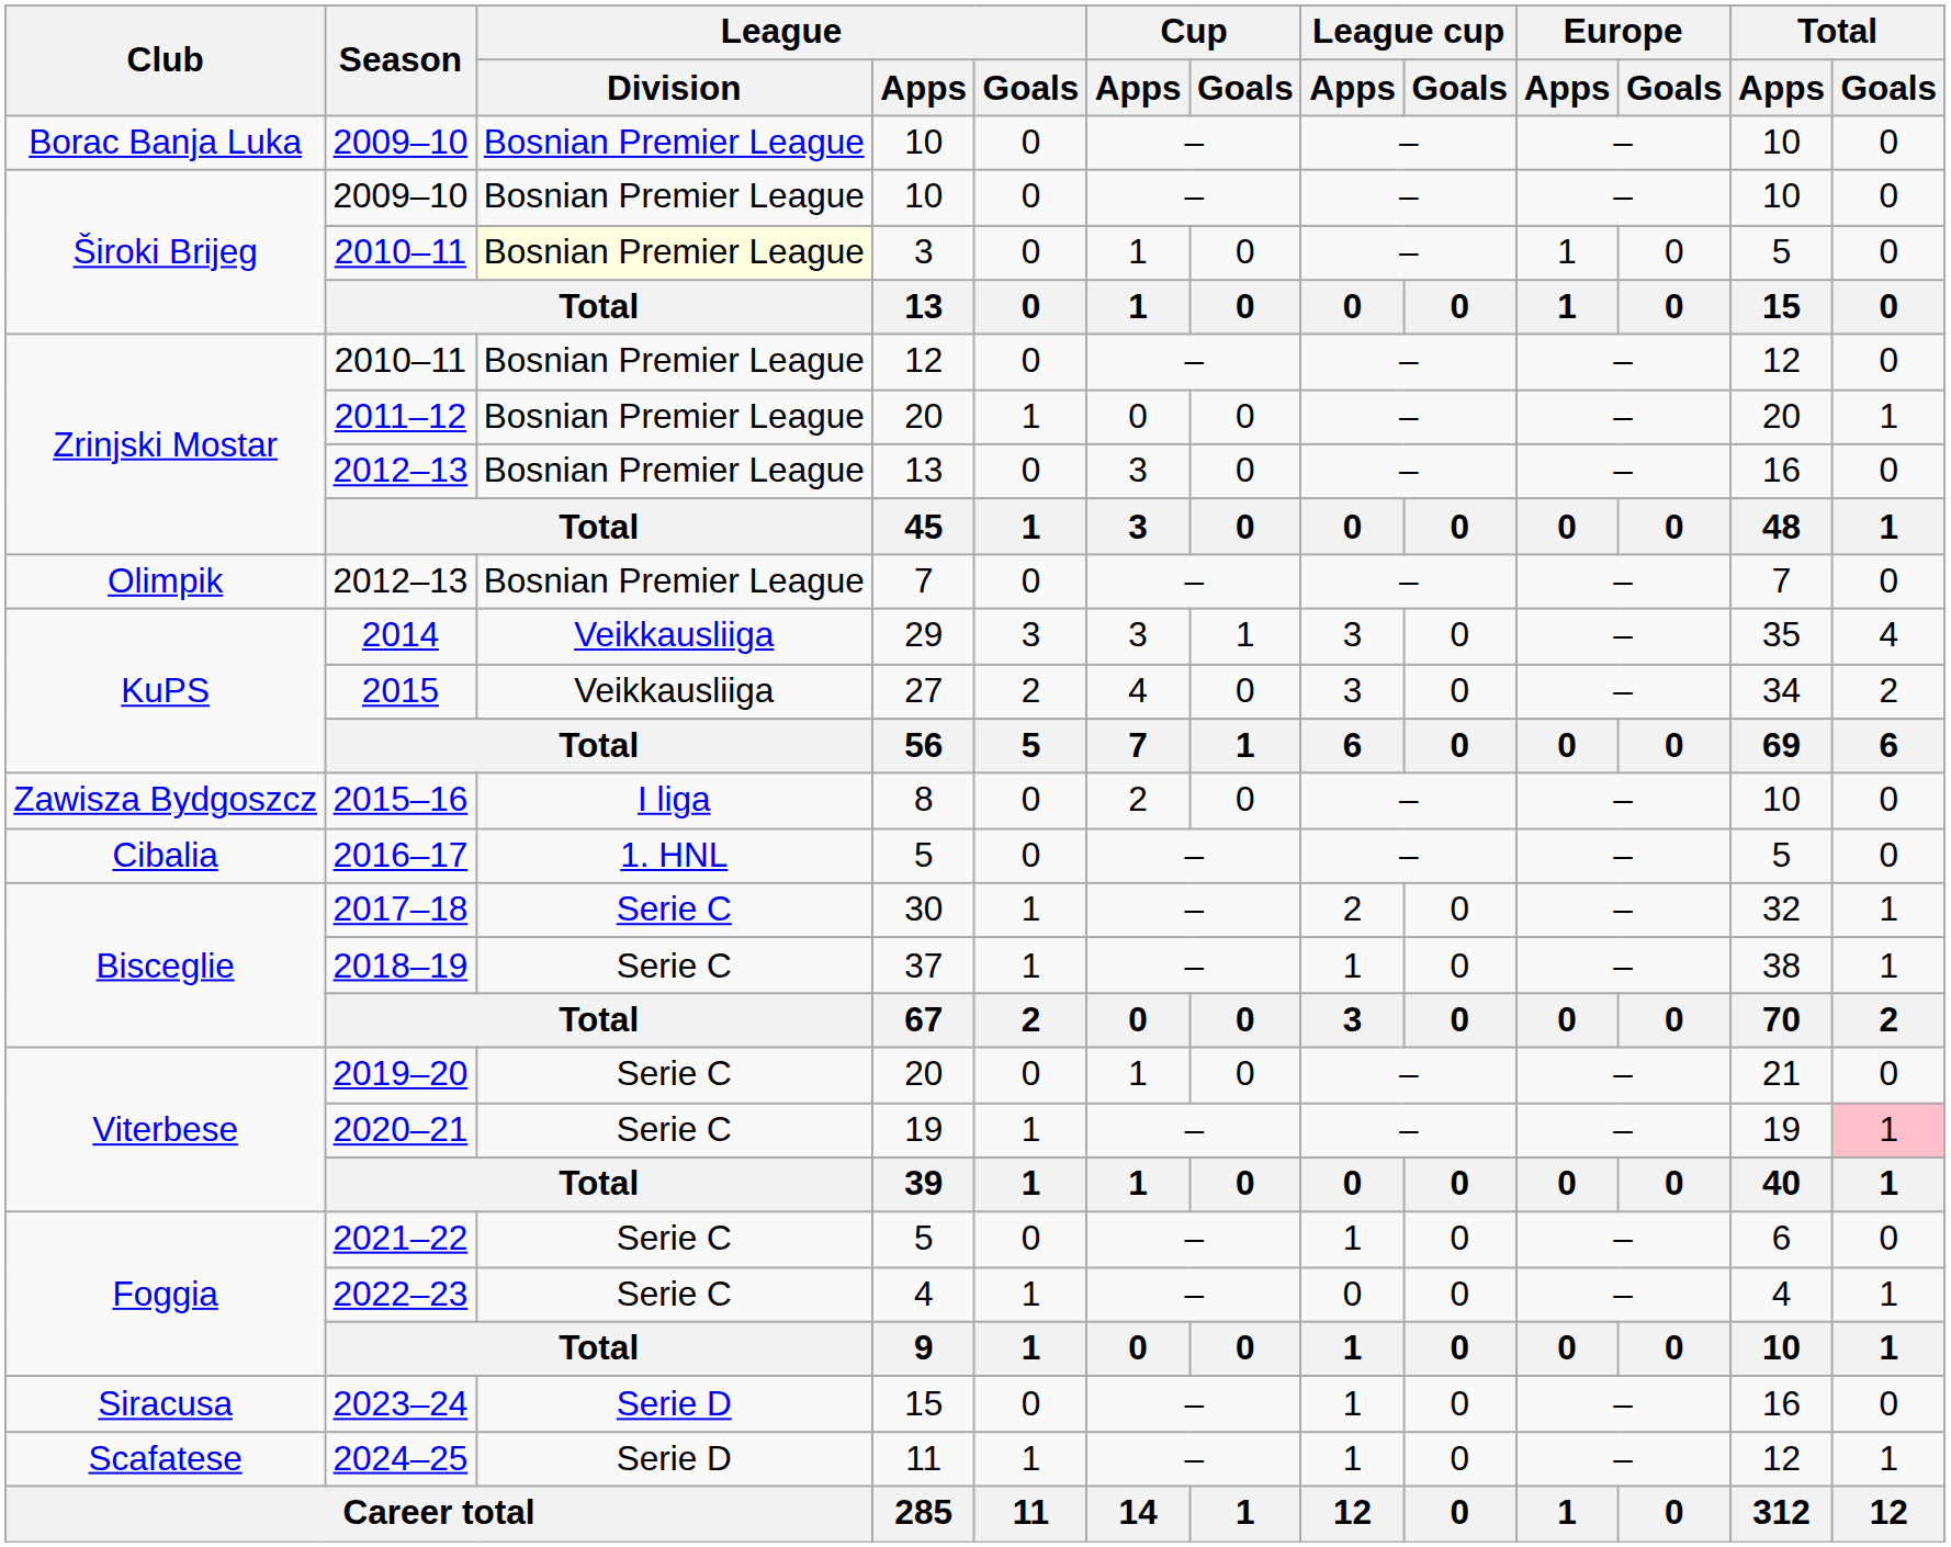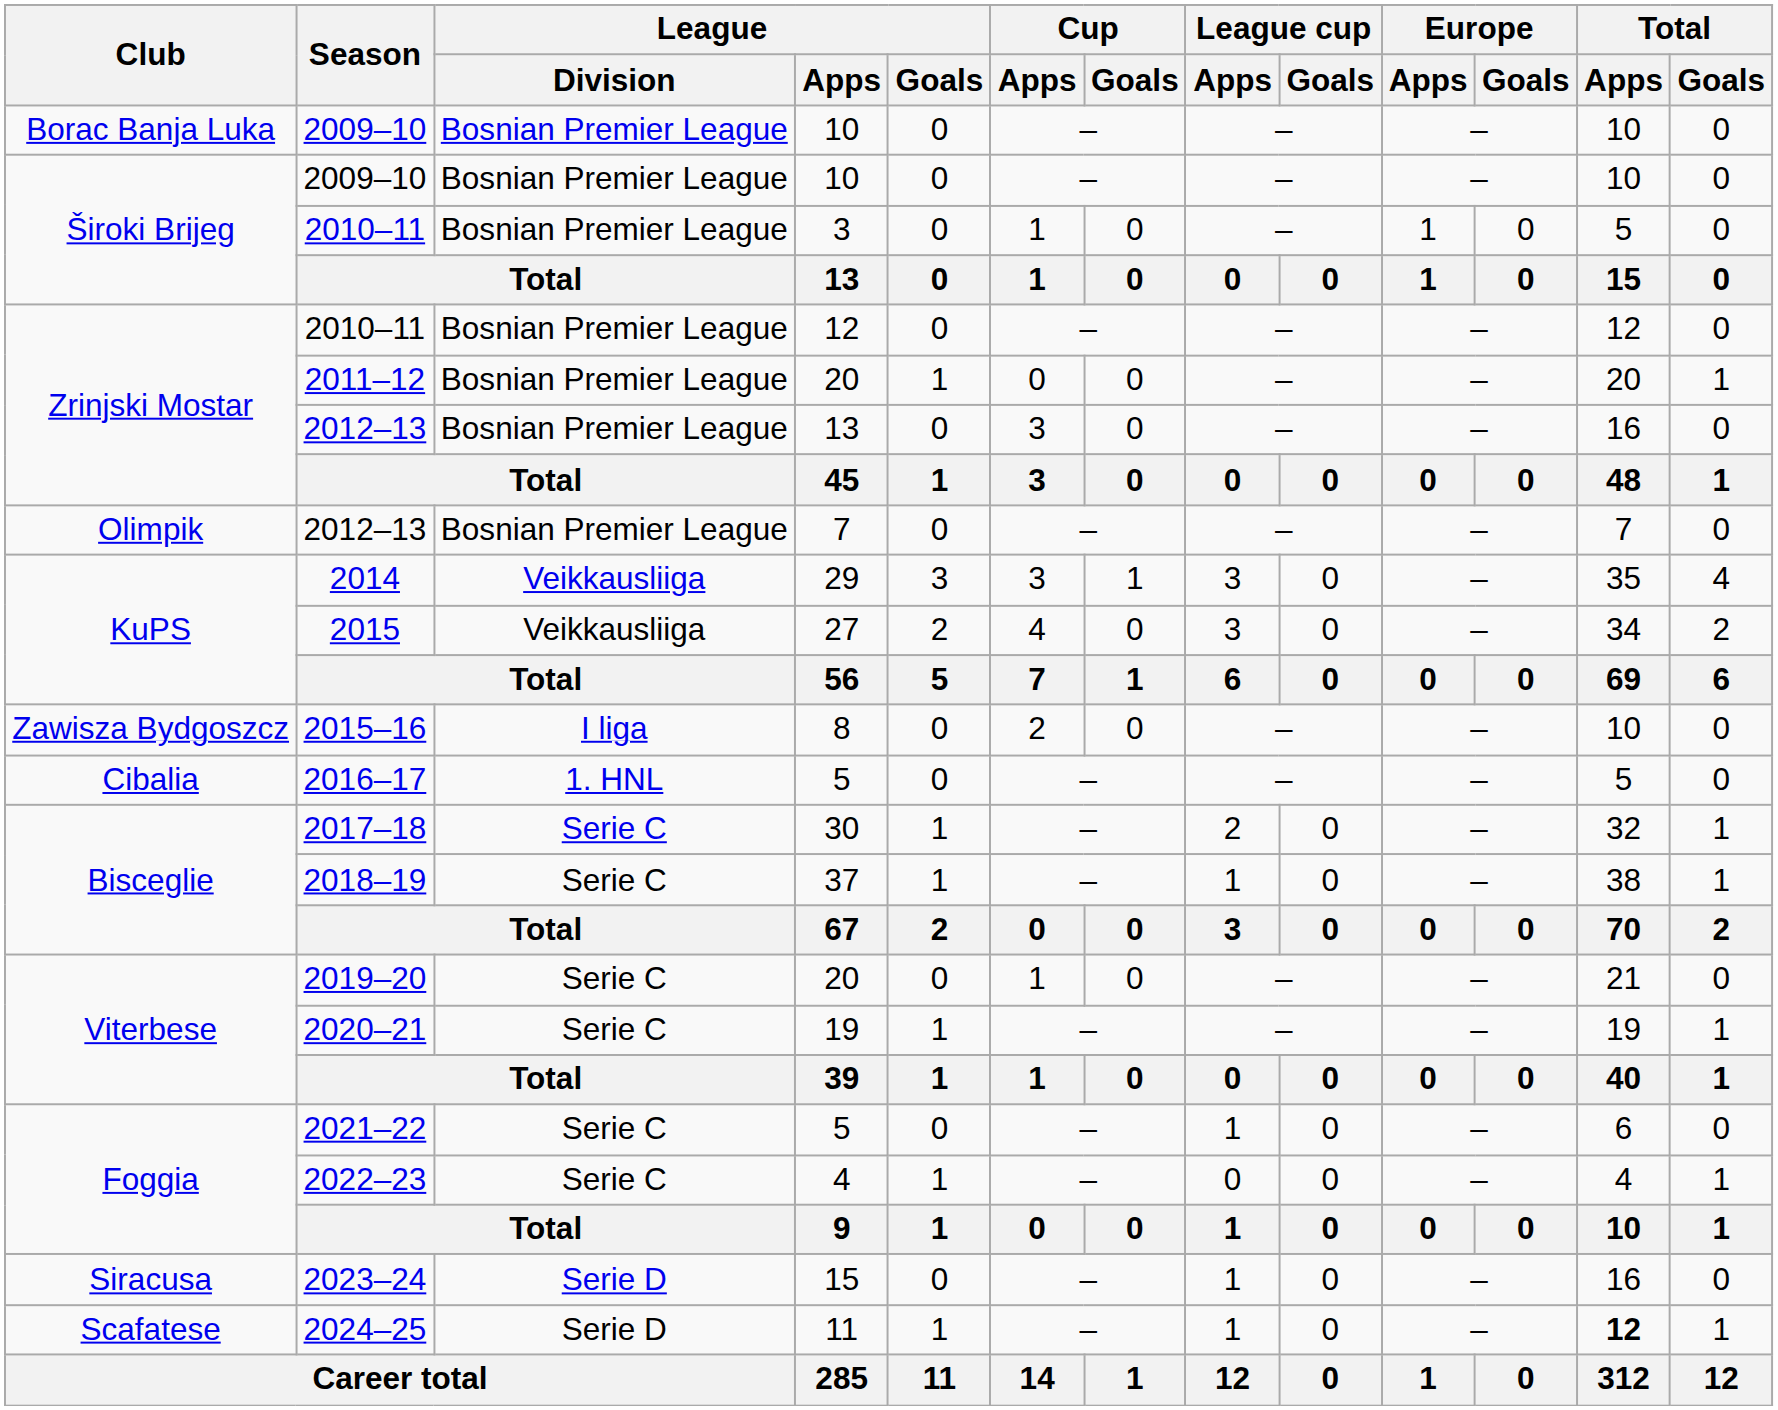 <table class="wikitable" style="text-align:center">
 <tr>
 <th rowspan="2">Club</th>
 <th rowspan="2">Season</th>
 <th colspan="3">League</th>
 <th colspan="2">Cup</th>
 <th colspan="2">League cup</th>
 <th colspan="2">Europe</th>
 <th colspan="2">Total</th>
 </tr>
 <tr>
 <th>Division</th>
 <th>Apps</th>
 <th>Goals</th>
 <th>Apps</th>
 <th>Goals</th>
 <th>Apps</th>
 <th>Goals</th>
 <th>Apps</th>
 <th>Goals</th>
 <th>Apps</th>
 <th>Goals</th>
 </tr>
 <tr>
 <td><a href='#'>Borac Banja Luka</a></td>
 <td><a href='#'>2009–10</a></td>
 <td><a href='#'>Bosnian Premier League</a></td>
 <td>10</td>
 <td>0</td>
 <td colspan=2>–</td>
 <td colspan=2>–</td>
 <td colspan=2>–</td>
 <td>10</td>
 <td>0</td>
 </tr>
 <tr>
 <td rowspan=3><a href='#'>Široki Brijeg</a></td>
 <td>2009–10</td>
 <td>Bosnian Premier League</td>
 <td>10</td>
 <td>0</td>
 <td colspan=2>–</td>
 <td colspan=2>–</td>
 <td colspan=2>–</td>
 <td>10</td>
 <td>0</td>
 </tr>
 <tr>
 <td><a href='#'>2010–11</a></td>
-<td style="background: lightyellow;">Bosnian Premier League</td>
+<td>Bosnian Premier League</td>
 <td>3</td>
 <td>0</td>
 <td>1</td>
 <td>0</td>
 <td colspan=2>–</td>
 <td>1</td>
 <td>0</td>
 <td>5</td>
 <td>0</td>
 </tr>
 <tr>
 <th colspan=2>Total</th>
 <th>13</th>
 <th>0</th>
 <th>1</th>
 <th>0</th>
 <th>0</th>
 <th>0</th>
 <th>1</th>
 <th>0</th>
 <th>15</th>
 <th>0</th>
 </tr>
 <tr>
 <td rowspan=4><a href='#'>Zrinjski Mostar</a></td>
 <td>2010–11</td>
 <td>Bosnian Premier League</td>
 <td>12</td>
 <td>0</td>
 <td colspan=2>–</td>
 <td colspan=2>–</td>
 <td colspan=2>–</td>
 <td>12</td>
 <td>0</td>
 </tr>
 <tr>
 <td><a href='#'>2011–12</a></td>
 <td>Bosnian Premier League</td>
 <td>20</td>
 <td>1</td>
 <td>0</td>
 <td>0</td>
 <td colspan=2>–</td>
 <td colspan=2>–</td>
 <td>20</td>
 <td>1</td>
 </tr>
 <tr>
 <td><a href='#'>2012–13</a></td>
 <td>Bosnian Premier League</td>
 <td>13</td>
 <td>0</td>
 <td>3</td>
 <td>0</td>
 <td colspan=2>–</td>
 <td colspan=2>–</td>
 <td>16</td>
 <td>0</td>
 </tr>
 <tr>
 <th colspan=2>Total</th>
 <th>45</th>
 <th>1</th>
 <th>3</th>
 <th>0</th>
 <th>0</th>
 <th>0</th>
 <th>0</th>
 <th>0</th>
 <th>48</th>
 <th>1</th>
 </tr>
 <tr>
 <td><a href='#'>Olimpik</a></td>
 <td>2012–13</td>
 <td>Bosnian Premier League</td>
 <td>7</td>
 <td>0</td>
 <td colspan=2>–</td>
 <td colspan=2>–</td>
 <td colspan=2>–</td>
 <td>7</td>
 <td>0</td>
 </tr>
 <tr>
 <td rowspan=3><a href='#'>KuPS</a></td>
 <td><a href='#'>2014</a></td>
 <td><a href='#'>Veikkausliiga</a></td>
 <td>29</td>
 <td>3</td>
 <td>3</td>
 <td>1</td>
 <td>3</td>
 <td>0</td>
 <td colspan=2>–</td>
 <td>35</td>
 <td>4</td>
 </tr>
 <tr>
 <td><a href='#'>2015</a></td>
 <td>Veikkausliiga</td>
 <td>27</td>
 <td>2</td>
 <td>4</td>
 <td>0</td>
 <td>3</td>
 <td>0</td>
 <td colspan=2>–</td>
 <td>34</td>
 <td>2</td>
 </tr>
 <tr>
 <th colspan=2>Total</th>
 <th>56</th>
 <th>5</th>
 <th>7</th>
 <th>1</th>
 <th>6</th>
 <th>0</th>
 <th>0</th>
 <th>0</th>
 <th>69</th>
 <th>6</th>
 </tr>
 <tr>
 <td><a href='#'>Zawisza Bydgoszcz</a></td>
 <td><a href='#'>2015–16</a></td>
 <td><a href='#'>I liga</a></td>
 <td>8</td>
 <td>0</td>
 <td>2</td>
 <td>0</td>
 <td colspan=2>–</td>
 <td colspan=2>–</td>
 <td>10</td>
 <td>0</td>
 </tr>
 <tr>
 <td><a href='#'>Cibalia</a></td>
 <td><a href='#'>2016–17</a></td>
 <td><a href='#'>1. HNL</a></td>
 <td>5</td>
 <td>0</td>
 <td colspan=2>–</td>
 <td colspan=2>–</td>
 <td colspan=2>–</td>
 <td>5</td>
 <td>0</td>
 </tr>
 <tr>
 <td rowspan=3><a href='#'>Bisceglie</a></td>
 <td><a href='#'>2017–18</a></td>
 <td><a href='#'>Serie C</a></td>
 <td>30</td>
 <td>1</td>
 <td colspan=2>–</td>
 <td>2</td>
 <td>0</td>
 <td colspan=2>–</td>
 <td>32</td>
 <td>1</td>
 </tr>
 <tr>
 <td><a href='#'>2018–19</a></td>
 <td>Serie C</td>
 <td>37</td>
 <td>1</td>
 <td colspan=2>–</td>
 <td>1</td>
 <td>0</td>
 <td colspan=2>–</td>
 <td>38</td>
 <td>1</td>
 </tr>
 <tr>
 <th colspan=2>Total</th>
 <th>67</th>
 <th>2</th>
 <th>0</th>
 <th>0</th>
 <th>3</th>
 <th>0</th>
 <th>0</th>
 <th>0</th>
 <th>70</th>
 <th>2</th>
 </tr>
 <tr>
 <td rowspan=3><a href='#'>Viterbese</a></td>
 <td><a href='#'>2019–20</a></td>
 <td>Serie C</td>
 <td>20</td>
 <td>0</td>
 <td>1</td>
 <td>0</td>
 <td colspan=2>–</td>
 <td colspan=2>–</td>
 <td>21</td>
 <td>0</td>
 </tr>
 <tr>
 <td><a href='#'>2020–21</a></td>
 <td>Serie C</td>
 <td>19</td>
 <td>1</td>
 <td colspan=2>–</td>
 <td colspan=2>–</td>
 <td colspan=2>–</td>
 <td>19</td>
-<td style="background: pink;">1</td>
+<td>1</td>
 </tr>
 <tr>
 <th colspan=2>Total</th>
 <th>39</th>
 <th>1</th>
 <th>1</th>
 <th>0</th>
 <th>0</th>
 <th>0</th>
 <th>0</th>
 <th>0</th>
 <th>40</th>
 <th>1</th>
 </tr>
 <tr>
 <td rowspan=3><a href='#'>Foggia</a></td>
 <td><a href='#'>2021–22</a></td>
 <td>Serie C</td>
 <td>5</td>
 <td>0</td>
 <td colspan=2>–</td>
 <td>1</td>
 <td>0</td>
 <td colspan=2>–</td>
 <td>6</td>
 <td>0</td>
 </tr>
 <tr>
 <td><a href='#'>2022–23</a></td>
 <td>Serie C</td>
 <td>4</td>
 <td>1</td>
 <td colspan=2>–</td>
 <td>0</td>
 <td>0</td>
 <td colspan=2>–</td>
 <td>4</td>
 <td>1</td>
 </tr>
 <tr>
 <th colspan=2>Total</th>
 <th>9</th>
 <th>1</th>
 <th>0</th>
 <th>0</th>
 <th>1</th>
 <th>0</th>
 <th>0</th>
 <th>0</th>
 <th>10</th>
 <th>1</th>
 </tr>
 <tr>
 <td><a href='#'>Siracusa</a></td>
 <td><a href='#'>2023–24</a></td>
 <td><a href='#'>Serie D</a></td>
 <td>15</td>
 <td>0</td>
 <td colspan=2>–</td>
 <td>1</td>
 <td>0</td>
 <td colspan=2>–</td>
 <td>16</td>
 <td>0</td>
 </tr>
 <tr>
 <td><a href='#'>Scafatese</a></td>
 <td><a href='#'>2024–25</a></td>
 <td>Serie D</td>
 <td>11</td>
 <td>1</td>
 <td colspan=2>–</td>
 <td>1</td>
 <td>0</td>
 <td colspan=2>–</td>
-<td>12</td>
+<td><strong>12</strong></td>
 <td>1</td>
 </tr>
 <tr>
 <th colspan="3">Career total</th>
 <th>285</th>
 <th>11</th>
 <th>14</th>
 <th>1</th>
 <th>12</th>
 <th>0</th>
 <th>1</th>
 <th>0</th>
 <th>312</th>
 <th>12</th>
 </tr>
 </table>
